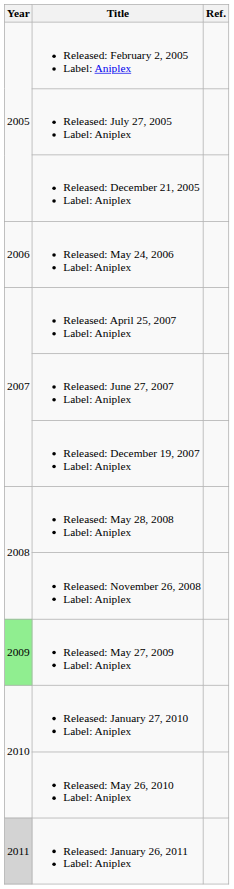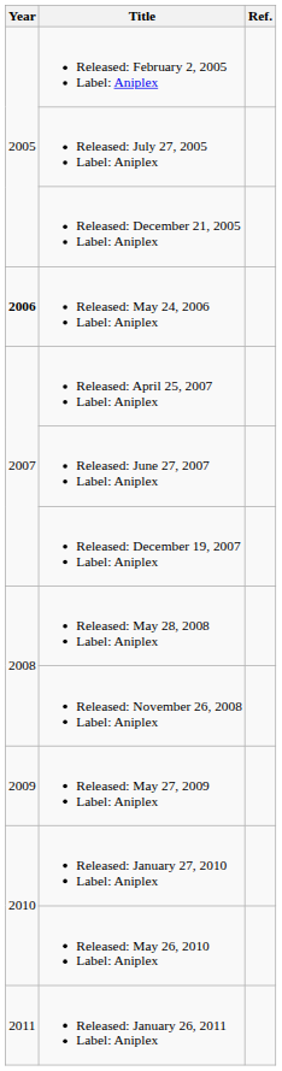 <table class="wikitable">
 <tr>
 <th>Year</th>
 <th>Title</th>
 <th>Ref.</th>
 </tr>
 <tr>
 <td style="text-align:center;" rowspan="3">2005</td>
 <td align="left"><em></em><br><ul><li>Released: February 2, 2005</li><li>Label: <a href='#'>Aniplex</a></li></ul></td>
 <td style="text-align:center;"></td>
 </tr>
 <tr>
 <td align="left"><em></em><br><ul><li>Released: July 27, 2005</li><li>Label: Aniplex</li></ul></td>
 <td style="text-align:center;"></td>
 </tr>
 <tr>
 <td align="left"><em></em><br><ul><li>Released: December 21, 2005</li><li>Label: Aniplex</li></ul></td>
 <td style="text-align:center;"></td>
 </tr>
 <tr>
-<td style="text-align:center;">2006</td>
+<td style="text-align:center;"><strong>2006</strong></td>
 <td align="left"><em></em><br><ul><li>Released: May 24, 2006</li><li>Label: Aniplex</li></ul></td>
 <td style="text-align:center;"></td>
 </tr>
 <tr>
 <td style="text-align:center;" rowspan="3">2007</td>
 <td align="left"><em></em><br><ul><li>Released: April 25, 2007</li><li>Label: Aniplex</li></ul></td>
 <td style="text-align:center;"></td>
 </tr>
 <tr>
 <td align="left"><em></em><br><ul><li>Released: June 27, 2007</li><li>Label: Aniplex</li></ul></td>
 <td style="text-align:center;"></td>
 </tr>
 <tr>
 <td align="left"><em></em><br><ul><li>Released: December 19, 2007</li><li>Label: Aniplex</li></ul></td>
 <td style="text-align:center;"></td>
 </tr>
 <tr>
 <td style="text-align:center;" rowspan="2">2008</td>
 <td align="left"><em></em><br><ul><li>Released: May 28, 2008</li><li>Label: Aniplex</li></ul></td>
 <td style="text-align:center;"></td>
 </tr>
 <tr>
 <td align="left"><em></em><br><ul><li>Released: November 26, 2008</li><li>Label: Aniplex</li></ul></td>
 <td style="text-align:center;"></td>
 </tr>
 <tr>
-<td style="background: lightgreen; text-align:center;">2009</td>
+<td style="text-align:center;">2009</td>
 <td align="left"><em></em><br><ul><li>Released: May 27, 2009</li><li>Label: Aniplex</li></ul></td>
 <td style="text-align:center;"></td>
 </tr>
 <tr>
 <td style="text-align:center;" rowspan="2">2010</td>
 <td align="left"><em></em><br><ul><li>Released: January 27, 2010</li><li>Label: Aniplex</li></ul></td>
 <td style="text-align:center;"></td>
 </tr>
 <tr>
 <td align="left"><em></em><br><ul><li>Released: May 26, 2010</li><li>Label: Aniplex</li></ul></td>
 <td style="text-align:center;"></td>
 </tr>
 <tr>
-<td style="background: lightgrey; text-align:center;">2011</td>
+<td style="text-align:center;">2011</td>
 <td align="left"><em></em><br><ul><li>Released: January 26, 2011</li><li>Label: Aniplex</li></ul></td>
 <td style="text-align:center;"></td>
 </tr>
 </table>
